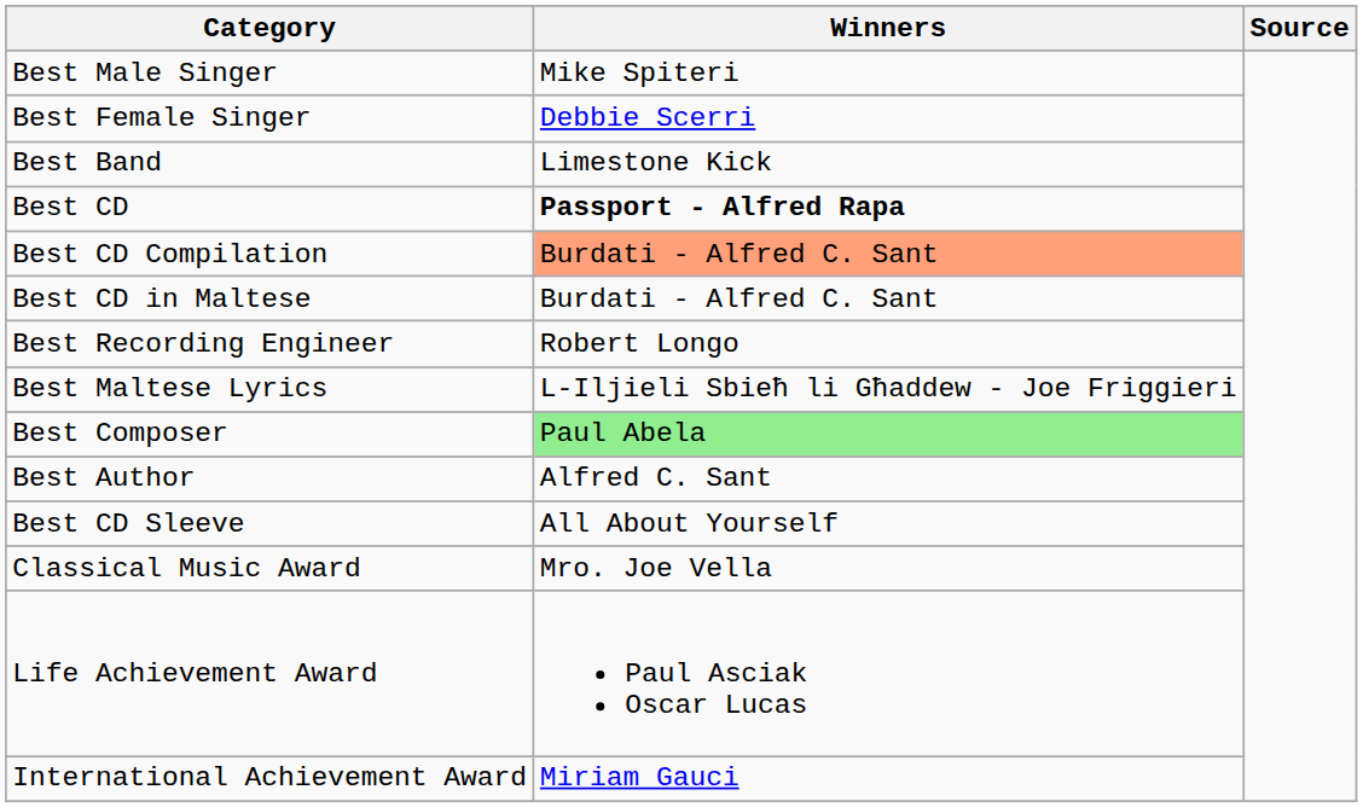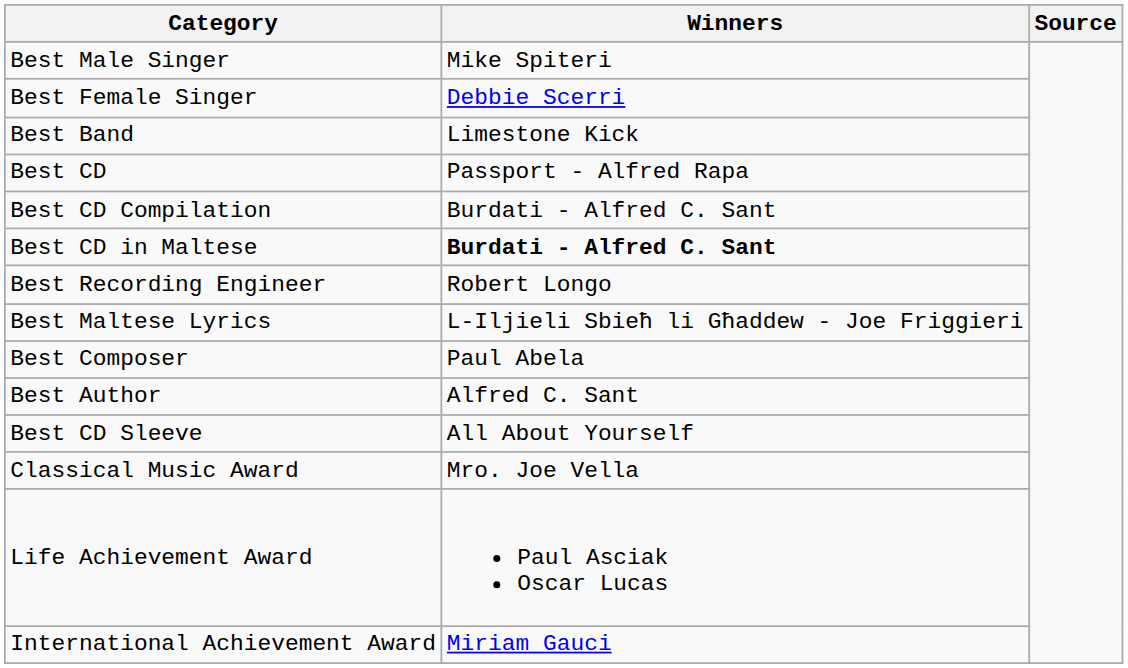 <table class="wikitable">
 <tr>
 <th>Category</th>
 <th>Winners</th>
 <th>Source</th>
 </tr>
 <tr>
 <td>Best Male Singer</td>
 <td>Mike Spiteri</td>
 <td rowspan="14"></td>
 </tr>
 <tr>
 <td>Best Female Singer</td>
 <td><a href='#'>Debbie Scerri</a></td>
 </tr>
 <tr>
 <td>Best Band</td>
 <td>Limestone Kick</td>
 </tr>
 <tr>
 <td>Best CD</td>
-<td><strong>Passport - Alfred Rapa</strong></td>
+<td>Passport - Alfred Rapa</td>
 </tr>
 <tr>
 <td>Best CD Compilation</td>
-<td style="background: lightsalmon;">Burdati - Alfred C. Sant</td>
+<td>Burdati - Alfred C. Sant</td>
 </tr>
 <tr>
 <td>Best CD in Maltese</td>
-<td>Burdati - Alfred C. Sant</td>
+<td><strong>Burdati - Alfred C. Sant</strong></td>
 </tr>
 <tr>
 <td>Best Recording Engineer</td>
 <td>Robert Longo</td>
 </tr>
 <tr>
 <td>Best Maltese Lyrics</td>
 <td>L-Iljieli Sbieħ li Għaddew - Joe Friggieri</td>
 </tr>
 <tr>
 <td>Best Composer</td>
-<td style="background: lightgreen;">Paul Abela</td>
+<td>Paul Abela</td>
 </tr>
 <tr>
 <td>Best Author</td>
 <td>Alfred C. Sant</td>
 </tr>
 <tr>
 <td>Best CD Sleeve</td>
 <td>All About Yourself</td>
 </tr>
 <tr>
 <td>Classical Music Award</td>
 <td>Mro. Joe Vella</td>
 </tr>
 <tr>
 <td>Life Achievement Award</td>
 <td><br><ul><li>Paul Asciak</li><li>Oscar Lucas</li></ul></td>
 </tr>
 <tr>
 <td>International Achievement Award</td>
 <td><a href='#'>Miriam Gauci</a></td>
 </tr>
 </table>
